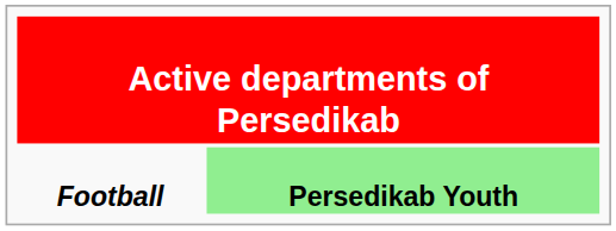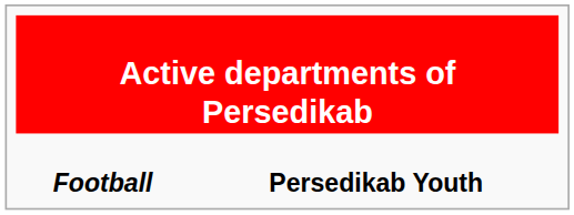 <table class="infobox" style="font-size: 88%; width: 22em; text-align: center">
 <tr>
 <th colspan=2 style="font-size: 125%; background-color:#FF0000; color:white; text-align:center;"><br>Active departments of<br>Persedikab</th>
 </tr>
 <tr style="text-align: center">
 <td><br><strong><em>Football</em></strong></td>
-<td style="background: lightgreen;"><br><strong>Persedikab Youth</strong></td>
+<td><br><strong>Persedikab Youth</strong></td>
 </tr>
 </table>
